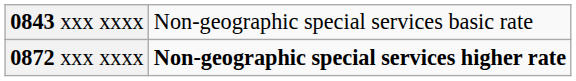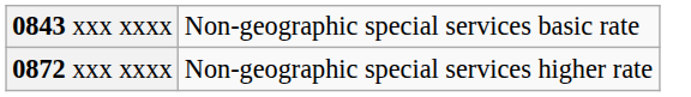 <table class="wikitable" style="margin-left: 1.5em;">
 <tr>
 <th scope="row" style="font-weight: normal;"><strong>0843</strong> xxx xxxx</th>
 <td>Non-geographic special services basic rate</td>
 </tr>
 <tr>
 <th scope="row" style="font-weight: normal;"><strong>0872</strong> xxx xxxx</th>
-<td><strong>Non-geographic special services higher rate</strong></td>
+<td>Non-geographic special services higher rate</td>
 </tr>
 </table>
